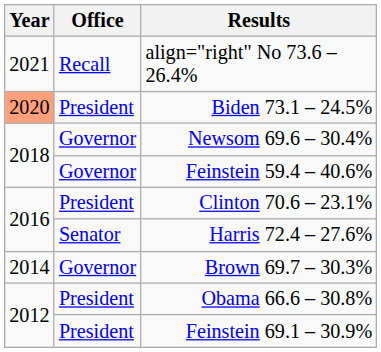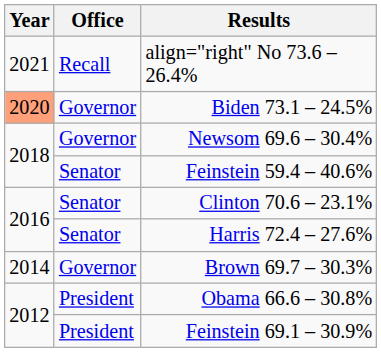 <table class=wikitable>
 <tr>
 <th width="30">Year</th>
 <th width="60">Office</th>
 <th width="180">Results</th>
 </tr>
 <tr>
 <td>2021</td>
 <td><a href='#'>Recall</a></td>
 <td>align="right"  No 73.6 – 26.4%</td>
 </tr>
 <tr>
 <td style="background: lightsalmon;">2020</td>
-<td><a href='#'>President</a></td>
+<td><a href='#'>Governor</a></td>
 <td align="right" ><a href='#'>Biden</a> 73.1 – 24.5%</td>
 </tr>
 <tr>
 <td rowspan="2">2018</td>
 <td><a href='#'>Governor</a></td>
 <td align="right" ><a href='#'>Newsom</a> 69.6 – 30.4%</td>
 </tr>
 <tr>
-<td><a href='#'>Governor</a></td>
+<td><a href='#'>Senator</a></td>
 <td align="right" ><a href='#'>Feinstein</a> 59.4 – 40.6%</td>
 </tr>
 <tr>
 <td rowspan="2">2016</td>
-<td><a href='#'>President</a></td>
+<td><a href='#'>Senator</a></td>
 <td align="right" ><a href='#'>Clinton</a> 70.6 – 23.1%</td>
 </tr>
 <tr>
 <td><a href='#'>Senator</a></td>
 <td align="right" ><a href='#'>Harris</a> 72.4 – 27.6%</td>
 </tr>
 <tr>
 <td>2014</td>
 <td><a href='#'>Governor</a></td>
 <td align="right" ><a href='#'>Brown</a> 69.7 – 30.3%</td>
 </tr>
 <tr>
 <td rowspan="2">2012</td>
 <td><a href='#'>President</a></td>
 <td align="right" ><a href='#'>Obama</a> 66.6 – 30.8%</td>
 </tr>
 <tr>
 <td><a href='#'>President</a></td>
 <td align="right" ><a href='#'>Feinstein</a> 69.1 – 30.9%</td>
 </tr>
 </table>
